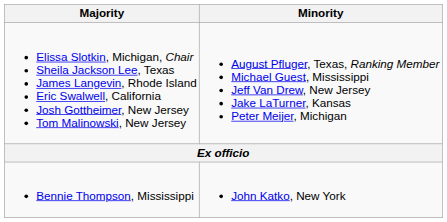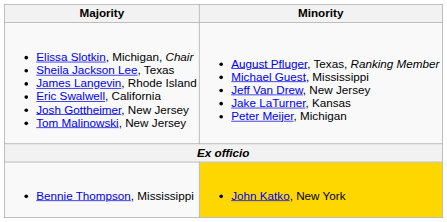 <table class=wikitable>
 <tr>
 <th>Majority</th>
 <th>Minority</th>
 </tr>
 <tr>
 <td><br><ul><li><a href='#'>Elissa Slotkin</a>, Michigan, <em>Chair</em></li><li><a href='#'>Sheila Jackson Lee</a>, Texas</li><li><a href='#'>James Langevin</a>, Rhode Island</li><li><a href='#'>Eric Swalwell</a>, California</li><li><a href='#'>Josh Gottheimer</a>, New Jersey</li><li><a href='#'>Tom Malinowski</a>, New Jersey</li></ul></td>
 <td><br><ul><li><a href='#'>August Pfluger</a>, Texas, <em>Ranking Member</em></li><li><a href='#'>Michael Guest</a>, Mississippi</li><li><a href='#'>Jeff Van Drew</a>, New Jersey</li><li><a href='#'>Jake LaTurner</a>, Kansas</li><li><a href='#'>Peter Meijer</a>, Michigan</li></ul></td>
 </tr>
 <tr>
 <th colspan=2><em>Ex officio</em></th>
 </tr>
 <tr>
 <td><br><ul><li><a href='#'>Bennie Thompson</a>, Mississippi</li></ul></td>
-<td><br><ul><li><a href='#'>John Katko</a>, New York</li></ul></td>
+<td style="background: gold;"><br><ul><li><a href='#'>John Katko</a>, New York</li></ul></td>
 </tr>
 </table>
